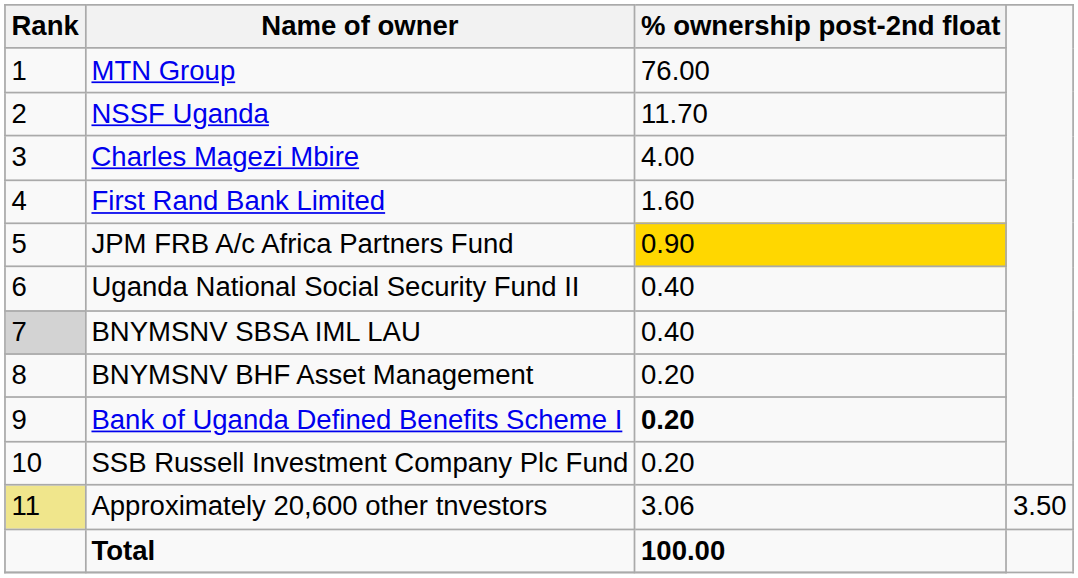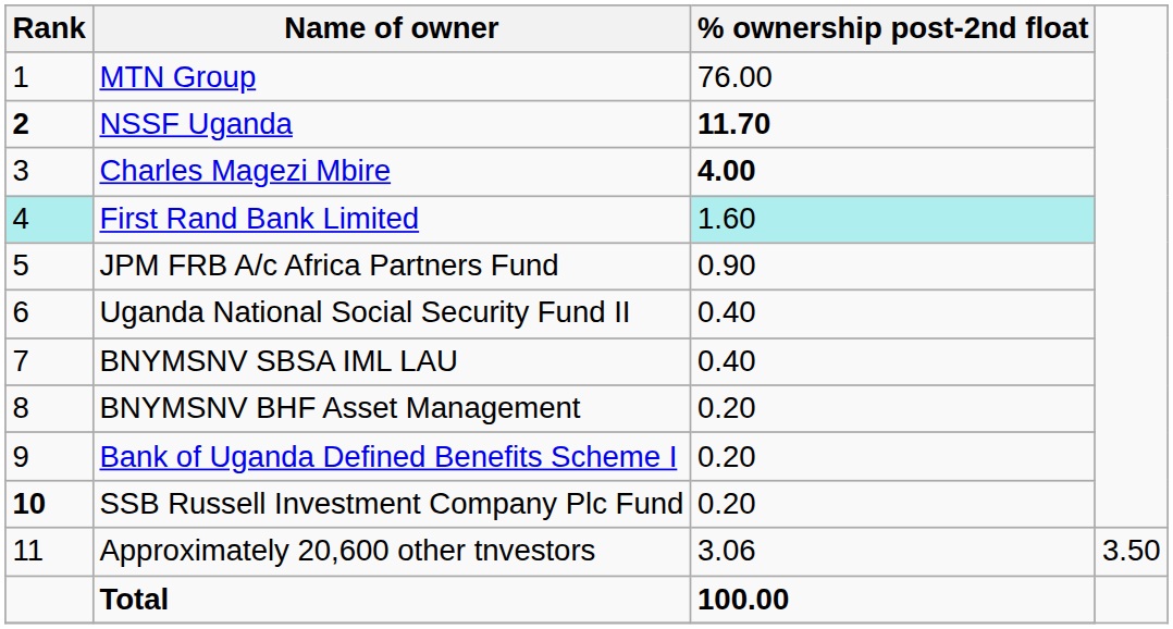 <table class="wikitable sortable" style="margin-left:auto;margin-right:auto">
 <tr>
 <th style="width:2em;">Rank</th>
 <th>Name of owner</th>
 <th>% ownership post-2nd float</th>
 </tr>
 <tr>
 <td>1</td>
 <td><a href='#'>MTN Group</a></td>
 <td>76.00</td>
 </tr>
 <tr>
-<td>2</td>
+<td><strong>2</strong></td>
 <td><a href='#'>NSSF Uganda</a></td>
-<td>11.70</td>
+<td><strong>11.70</strong></td>
 </tr>
 <tr>
 <td>3</td>
 <td><a href='#'>Charles Magezi Mbire</a></td>
-<td>4.00</td>
+<td><strong>4.00</strong></td>
 </tr>
 <tr>
-<td>4</td>
+<td style="background: paleturquoise;">4</td>
 <td><a href='#'>First Rand Bank Limited</a></td>
-<td>1.60</td>
+<td style="background: paleturquoise;">1.60</td>
 </tr>
 <tr>
 <td>5</td>
 <td>JPM FRB A/c Africa Partners Fund</td>
-<td style="background: gold;">0.90</td>
+<td>0.90</td>
 </tr>
 <tr>
 <td>6</td>
 <td>Uganda National Social Security Fund II</td>
 <td>0.40</td>
 </tr>
 <tr>
-<td style="background: lightgrey;">7</td>
+<td>7</td>
 <td>BNYMSNV SBSA IML LAU</td>
 <td>0.40</td>
 </tr>
 <tr>
 <td>8</td>
 <td>BNYMSNV BHF Asset Management</td>
 <td>0.20</td>
 </tr>
 <tr>
 <td>9</td>
 <td><a href='#'>Bank of Uganda Defined Benefits Scheme I</a></td>
-<td><strong>0.20</strong></td>
+<td>0.20</td>
 </tr>
 <tr>
-<td>10</td>
+<td><strong>10</strong></td>
 <td>SSB Russell Investment Company Plc Fund</td>
 <td>0.20</td>
 </tr>
 <tr>
-<td style="background: khaki;">11</td>
+<td>11</td>
 <td>Approximately 20,600 other tnvestors</td>
 <td>3.06</td>
 <td>3.50</td>
 </tr>
 <tr>
 <td></td>
 <td><strong>Total</strong></td>
 <td><strong>100.00</strong></td>
 </tr>
 <tr>
 </tr>
 </table>
